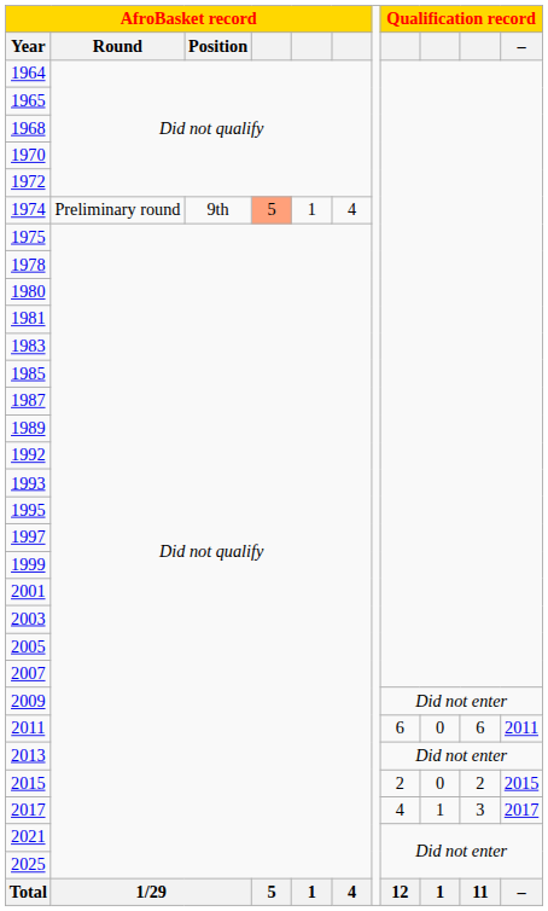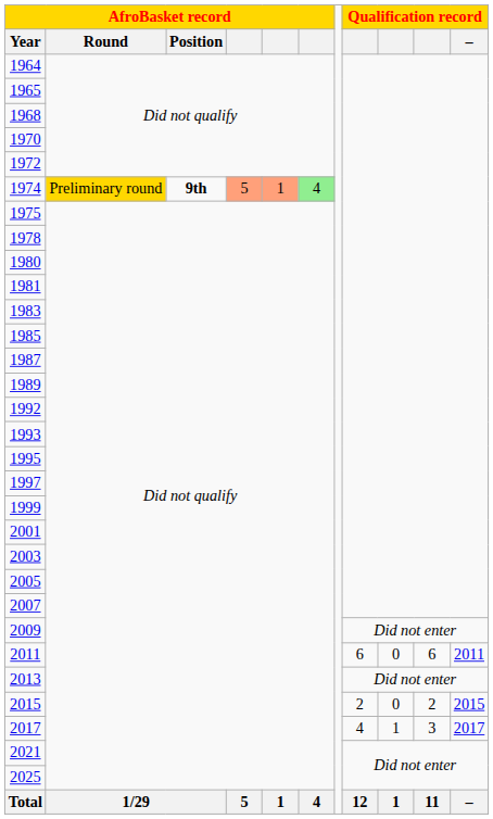 <table class="wikitable" style="text-align:center;">
 <tr>
 <th colspan="6" style="background:#FFD700; color:red;">AfroBasket record</th>
 <td rowspan="33"></td>
 <th colspan="4" style="background:#FFD700; color:red;">Qualification record</th>
 </tr>
 <tr>
 <th>Year</th>
 <th>Round</th>
 <th>Position</th>
 <th width="30"></th>
 <th width="30"></th>
 <th width="30"></th>
 <th width="30"></th>
 <th width="30"></th>
 <th width="30"></th>
 <th>–</th>
 </tr>
 <tr>
 <td> <a href='#'>1964</a></td>
 <td colspan="5" rowspan="5"><em>Did not qualify</em></td>
 </tr>
 <tr>
 <td> <a href='#'>1965</a></td>
 </tr>
 <tr>
 <td> <a href='#'>1968</a></td>
 </tr>
 <tr>
 <td> <a href='#'>1970</a></td>
 </tr>
 <tr>
 <td> <a href='#'>1972</a></td>
 </tr>
 <tr>
 <td> <a href='#'>1974</a></td>
-<td>Preliminary round</td>
-<td>9th</td>
+<td style="background: gold;">Preliminary round</td>
+<td><strong>9th</strong></td>
 <td style="background: lightsalmon;">5</td>
-<td>1</td>
-<td>4</td>
+<td style="background: lightsalmon;">1</td>
+<td style="background: lightgreen;">4</td>
 </tr>
 <tr>
 <td> <a href='#'>1975</a></td>
 <td colspan="5" rowspan="24"><em>Did not qualify</em></td>
 </tr>
 <tr>
 <td> <a href='#'>1978</a></td>
 </tr>
 <tr>
 <td> <a href='#'>1980</a></td>
 </tr>
 <tr>
 <td> <a href='#'>1981</a></td>
 </tr>
 <tr>
 <td> <a href='#'>1983</a></td>
 </tr>
 <tr>
 <td> <a href='#'>1985</a></td>
 </tr>
 <tr>
 <td> <a href='#'>1987</a></td>
 </tr>
 <tr>
 <td> <a href='#'>1989</a></td>
 </tr>
 <tr>
 <td> <a href='#'>1992</a></td>
 </tr>
 <tr>
 <td> <a href='#'>1993</a></td>
 </tr>
 <tr>
 <td> <a href='#'>1995</a></td>
 </tr>
 <tr>
 <td> <a href='#'>1997</a></td>
 </tr>
 <tr>
 <td> <a href='#'>1999</a></td>
 </tr>
 <tr>
 <td> <a href='#'>2001</a></td>
 </tr>
 <tr>
 <td> <a href='#'>2003</a></td>
 </tr>
 <tr>
 <td> <a href='#'>2005</a></td>
 </tr>
 <tr>
 <td> <a href='#'>2007</a></td>
 </tr>
 <tr>
 <td> <a href='#'>2009</a></td>
 <td colspan="4"><em>Did not enter</em></td>
 </tr>
 <tr>
 <td> <a href='#'>2011</a></td>
 <td>6</td>
 <td>0</td>
 <td>6</td>
 <td><a href='#'>2011</a></td>
 </tr>
 <tr>
 <td> <a href='#'>2013</a></td>
 <td colspan="4"><em>Did not enter</em></td>
 </tr>
 <tr>
 <td> <a href='#'>2015</a></td>
 <td>2</td>
 <td>0</td>
 <td>2</td>
 <td><a href='#'>2015</a></td>
 </tr>
 <tr>
 <td>  <a href='#'>2017</a></td>
 <td>4</td>
 <td>1</td>
 <td>3</td>
 <td><a href='#'>2017</a></td>
 </tr>
 <tr>
 <td> <a href='#'>2021</a></td>
 <td colspan="4" rowspan="2"><em>Did not enter</em></td>
 </tr>
 <tr>
 <td> <a href='#'>2025</a></td>
 </tr>
 <tr>
 <th>Total</th>
 <th colspan="2">1/29</th>
 <th>5</th>
 <th>1</th>
 <th>4</th>
 <th>12</th>
 <th>1</th>
 <th>11</th>
 <th>–</th>
 </tr>
 </table>
